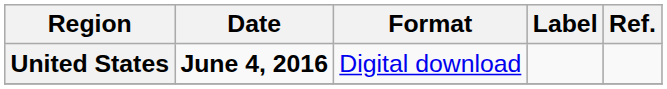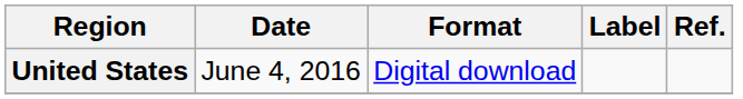 <table class="wikitable plainrowheaders">
 <tr>
 <th>Region</th>
 <th>Date</th>
 <th>Format</th>
 <th>Label</th>
 <th>Ref.</th>
 </tr>
 <tr>
 <th scope="row">United States</th>
-<td rowspan="1"><strong>June 4, 2016</strong></td>
+<td rowspan="1">June 4, 2016</td>
 <td rowspan="1"><a href='#'>Digital download</a></td>
 <td></td>
 <td></td>
 </tr>
 <tr>
 </tr>
 </table>
